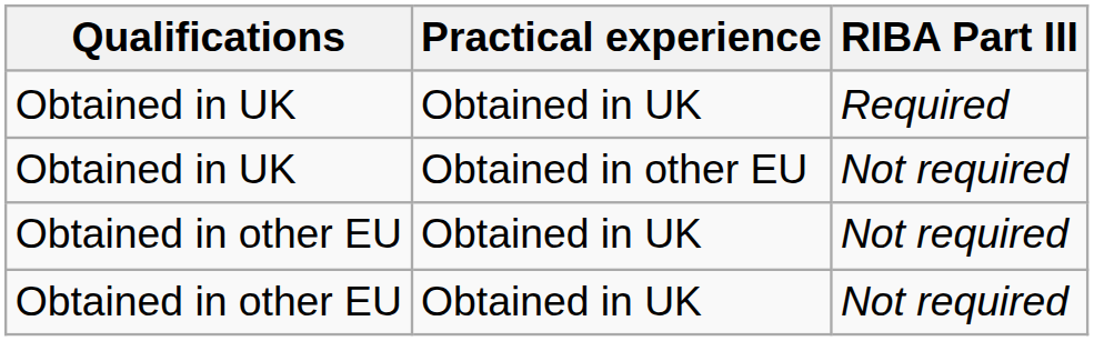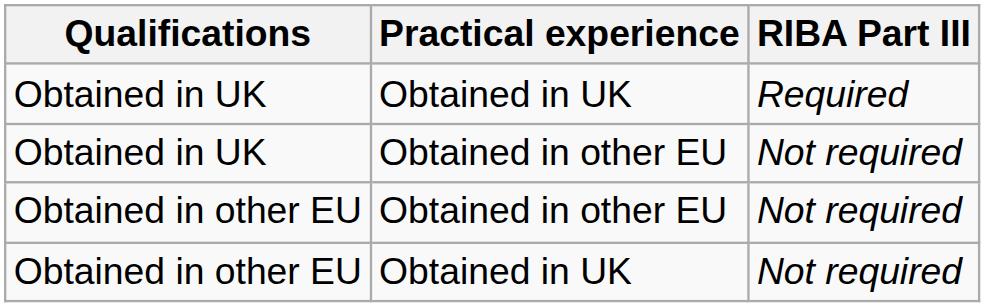 <table class=wikitable>
 <tr>
 <th>Qualifications</th>
 <th>Practical experience</th>
 <th>RIBA Part III</th>
 </tr>
 <tr>
 <td>Obtained in UK</td>
 <td>Obtained in UK</td>
 <td><em>Required</em></td>
 </tr>
 <tr>
 <td>Obtained in UK</td>
 <td>Obtained in other EU</td>
 <td><em>Not required</em></td>
 </tr>
 <tr>
 <td>Obtained in other EU</td>
-<td>Obtained in UK</td>
+<td>Obtained in other EU</td>
 <td><em>Not required</em></td>
 </tr>
 <tr>
 <td>Obtained in other EU</td>
 <td>Obtained in UK</td>
 <td><em>Not required</em></td>
 </tr>
 </table>
